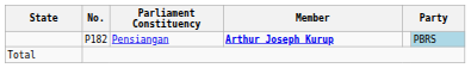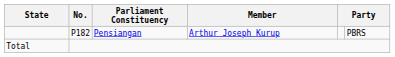 <table class ="wikitable sortable">
 <tr>
 <th style="width:100px;">State</th>
 <th style="width:30px;">No.</th>
 <th style="width:150px;">Parliament Constituency</th>
 <th style="width:240px;">Member</th>
 <th style="width:80px;" colspan=2>Party</th>
 </tr>
 <tr>
 <td></td>
 <td>P182</td>
 <td><a href='#'>Pensiangan</a></td>
-<td><strong><a href='#'>Arthur Joseph Kurup</a></strong></td>
+<td><a href='#'>Arthur Joseph Kurup</a></td>
 <td></td>
-<td style="background: lightblue;">PBRS</td>
+<td>PBRS</td>
 </tr>
 <tr>
 <td>Total</td>
 <td style="width:30px;" colspan=6></td>
 </tr>
 </table>
